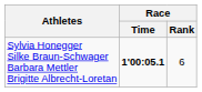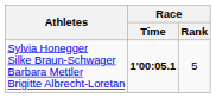 <table class="wikitable" border="1" style="font-size:90%">
 <tr>
 <th rowspan=2>Athletes</th>
 <th colspan=2>Race</th>
 </tr>
 <tr>
 <th>Time</th>
 <th>Rank</th>
 </tr>
 <tr>
 <td><a href='#'>Sylvia Honegger</a><br><a href='#'>Silke Braun-Schwager</a><br><a href='#'>Barbara Mettler</a><br><a href='#'>Brigitte Albrecht-Loretan</a></td>
 <td align=center><strong>1'00:05.1</strong></td>
-<td align=center>6</td>
+<td align=center>5</td>
 </tr>
 </table>
